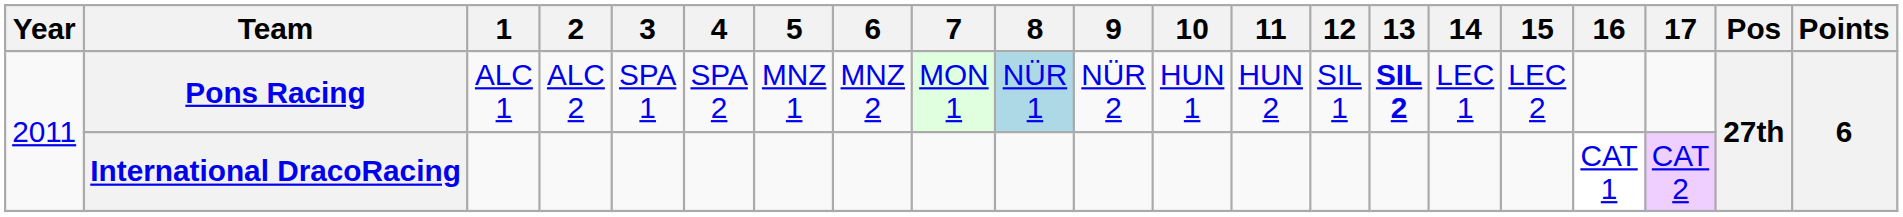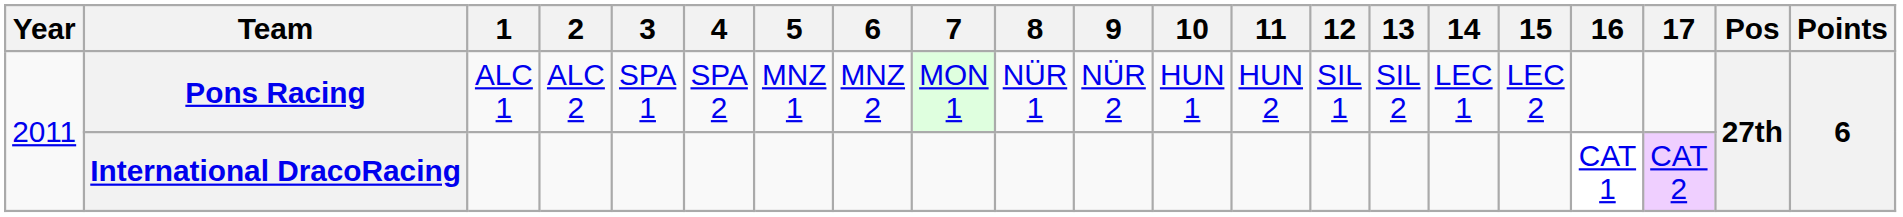 <table class="wikitable" style="text-align:center; font-size:85%">
 <tr>
 <th>Year</th>
 <th>Team</th>
 <th>1</th>
 <th>2</th>
 <th>3</th>
 <th>4</th>
 <th>5</th>
 <th>6</th>
 <th>7</th>
 <th>8</th>
 <th>9</th>
 <th>10</th>
 <th>11</th>
 <th>12</th>
 <th>13</th>
 <th>14</th>
 <th>15</th>
 <th>16</th>
 <th>17</th>
 <th>Pos</th>
 <th>Points</th>
 </tr>
 <tr>
 <td rowspan=2><a href='#'>2011</a></td>
 <th nowrap><a href='#'>Pons Racing</a></th>
 <td><a href='#'>ALC<br>1</a></td>
 <td><a href='#'>ALC<br>2</a></td>
 <td><a href='#'>SPA<br>1</a></td>
 <td><a href='#'>SPA<br>2</a></td>
 <td><a href='#'>MNZ<br>1</a></td>
 <td><a href='#'>MNZ<br>2</a></td>
 <td style="background:#DFFFDF;"><a href='#'>MON<br>1</a><br></td>
-<td style="background: lightblue;"><a href='#'>NÜR<br>1</a></td>
+<td><a href='#'>NÜR<br>1</a></td>
 <td><a href='#'>NÜR<br>2</a></td>
 <td><a href='#'>HUN<br>1</a></td>
 <td><a href='#'>HUN<br>2</a></td>
 <td><a href='#'>SIL<br>1</a></td>
-<td><strong><a href='#'>SIL<br>2</a></strong></td>
+<td><a href='#'>SIL<br>2</a></td>
 <td><a href='#'>LEC<br>1</a></td>
 <td><a href='#'>LEC<br>2</a></td>
 <td></td>
 <td></td>
 <th rowspan=2>27th</th>
 <th rowspan=2>6</th>
 </tr>
 <tr>
 <th nowrap><a href='#'>International DracoRacing</a></th>
 <td></td>
 <td></td>
 <td></td>
 <td></td>
 <td></td>
 <td></td>
 <td></td>
 <td></td>
 <td></td>
 <td></td>
 <td></td>
 <td></td>
 <td></td>
 <td></td>
 <td></td>
 <td style="background:#FFFFFF;"><a href='#'>CAT<br>1</a><br></td>
 <td style="background:#EFCFFF;"><a href='#'>CAT<br>2</a><br></td>
 </tr>
 </table>
